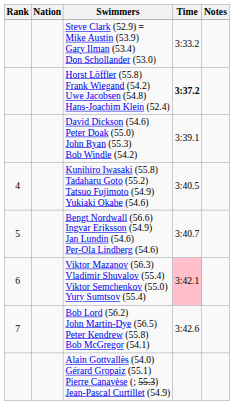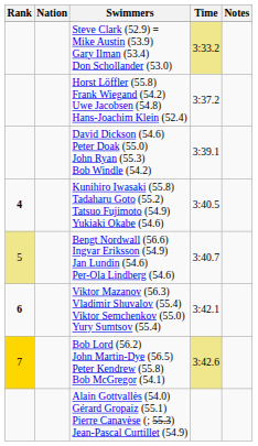 <table class="wikitable sortable" style="text-align:center">
 <tr>
 <th>Rank</th>
 <th>Nation</th>
 <th>Swimmers</th>
 <th>Time</th>
 <th>Notes</th>
 </tr>
 <tr>
 </tr>
 <tr>
 <td></td>
 <td align=left></td>
 <td align=left><a href='#'>Steve Clark</a> (52.9) <strong>=</strong>  <br> <a href='#'>Mike Austin</a> (53.9) <br> <a href='#'>Gary Ilman</a> (53.4) <br> <a href='#'>Don Schollander</a> (53.0)</td>
-<td>3:33.2</td>
+<td style="background: khaki;">3:33.2</td>
 <td></td>
 </tr>
 <tr>
 <td></td>
 <td align=left></td>
 <td align=left><a href='#'>Horst Löffler</a> (55.8) <br> <a href='#'>Frank Wiegand</a> (54.2) <br> <a href='#'>Uwe Jacobsen</a> (54.8) <br> <a href='#'>Hans-Joachim Klein</a> (52.4)</td>
-<td><strong>3:37.2</strong></td>
+<td>3:37.2</td>
 <td></td>
 </tr>
 <tr>
 <td></td>
 <td align=left></td>
 <td align=left><a href='#'>David Dickson</a> (54.6) <br> <a href='#'>Peter Doak</a> (55.0) <br> <a href='#'>John Ryan</a> (55.3) <br> <a href='#'>Bob Windle</a> (54.2)</td>
 <td>3:39.1</td>
 <td></td>
 </tr>
 <tr>
-<td>4</td>
+<td><strong>4</strong></td>
 <td align=left></td>
 <td align=left><a href='#'>Kunihiro Iwasaki</a> (55.8)<br><a href='#'>Tadaharu Goto</a> (55.2)<br><a href='#'>Tatsuo Fujimoto</a> (54.9)<br><a href='#'>Yukiaki Okabe</a> (54.6)</td>
 <td>3:40.5</td>
 <td></td>
 </tr>
 <tr>
-<td>5</td>
+<td style="background: khaki;">5</td>
 <td align=left></td>
 <td align=left><a href='#'>Bengt Nordwall</a> (56.6)<br><a href='#'>Ingvar Eriksson</a> (54.9)<br><a href='#'>Jan Lundin</a> (54.6)<br><a href='#'>Per-Ola Lindberg</a> (54.6)</td>
 <td>3:40.7</td>
 <td></td>
 </tr>
 <tr>
-<td>6</td>
+<td><strong>6</strong></td>
 <td align=left></td>
 <td align=left><a href='#'>Viktor Mazanov</a> (56.3)<br><a href='#'>Vladimir Shuvalov</a> (55.4)<br><a href='#'>Viktor Semchenkov</a> (55.0)<br><a href='#'>Yury Sumtsov</a> (55.4)</td>
-<td style="background: pink;">3:42.1</td>
+<td>3:42.1</td>
 <td></td>
 </tr>
 <tr>
-<td>7</td>
+<td style="background: gold;">7</td>
 <td align=left></td>
 <td align=left><a href='#'>Bob Lord</a> (56.2)<br><a href='#'>John Martin-Dye</a> (56.5)<br><a href='#'>Peter Kendrew</a> (55.8)<br><a href='#'>Bob McGregor</a> (54.1)</td>
-<td>3:42.6</td>
+<td style="background: khaki;">3:42.6</td>
 <td></td>
 </tr>
 <tr>
 <td></td>
 <td align=left></td>
 <td align=left><a href='#'>Alain Gottvallès</a> (54.0)<br><a href='#'>Gérard Gropaiz</a> (55.1)<br><a href='#'>Pierre Canavèse</a> (; <s>55.3</s>)<br><a href='#'>Jean-Pascal Curtillet</a> (54.9)</td>
 <td></td>
 <td></td>
 </tr>
 </table>
